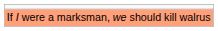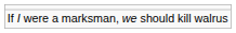 <table class="wikitable">
 <tr>
 <td></td>
 </tr>
 <tr>
-<td style="background: lightsalmon;">If <em>I</em> were a marksman, <em>we</em> should kill walrus</td>
+<td>If <em>I</em> were a marksman, <em>we</em> should kill walrus</td>
 </tr>
 </table>
